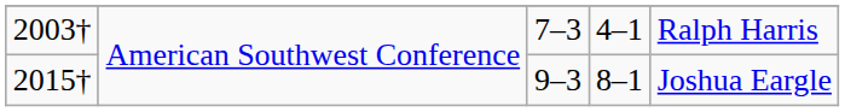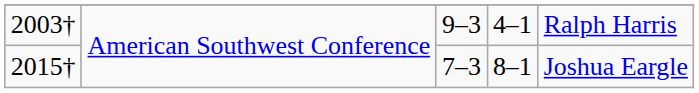 <table class="wikitable">
 <tr>
 </tr>
 <tr>
 <td>2003†</td>
 <td rowspan=2><a href='#'>American Southwest Conference</a></td>
-<td>7–3</td>
+<td>9–3</td>
 <td>4–1</td>
 <td><a href='#'>Ralph Harris</a></td>
 </tr>
 <tr>
 <td>2015†</td>
-<td>9–3</td>
+<td>7–3</td>
 <td>8–1</td>
 <td><a href='#'>Joshua Eargle</a></td>
 </tr>
 </table>
